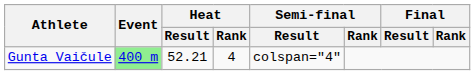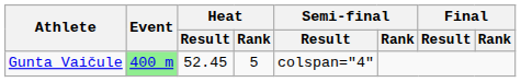 <table class="wikitable" style="font-size:90%">
 <tr>
 <th rowspan="2">Athlete</th>
 <th rowspan="2">Event</th>
 <th colspan="2">Heat</th>
 <th colspan="2">Semi-final</th>
 <th colspan="2">Final</th>
 </tr>
 <tr style="font-size:95%">
 <th>Result</th>
 <th>Rank</th>
 <th>Result</th>
 <th>Rank</th>
 <th>Result</th>
 <th>Rank</th>
 </tr>
 <tr align=center>
 <td align=left><a href='#'>Gunta Vaičule</a></td>
 <td align=left style="background: lightgreen;"><a href='#'>400 m</a></td>
-<td>52.21</td>
-<td>4</td>
+<td>52.45</td>
+<td>5</td>
 <td>colspan="4" </td>
 </tr>
 </table>
